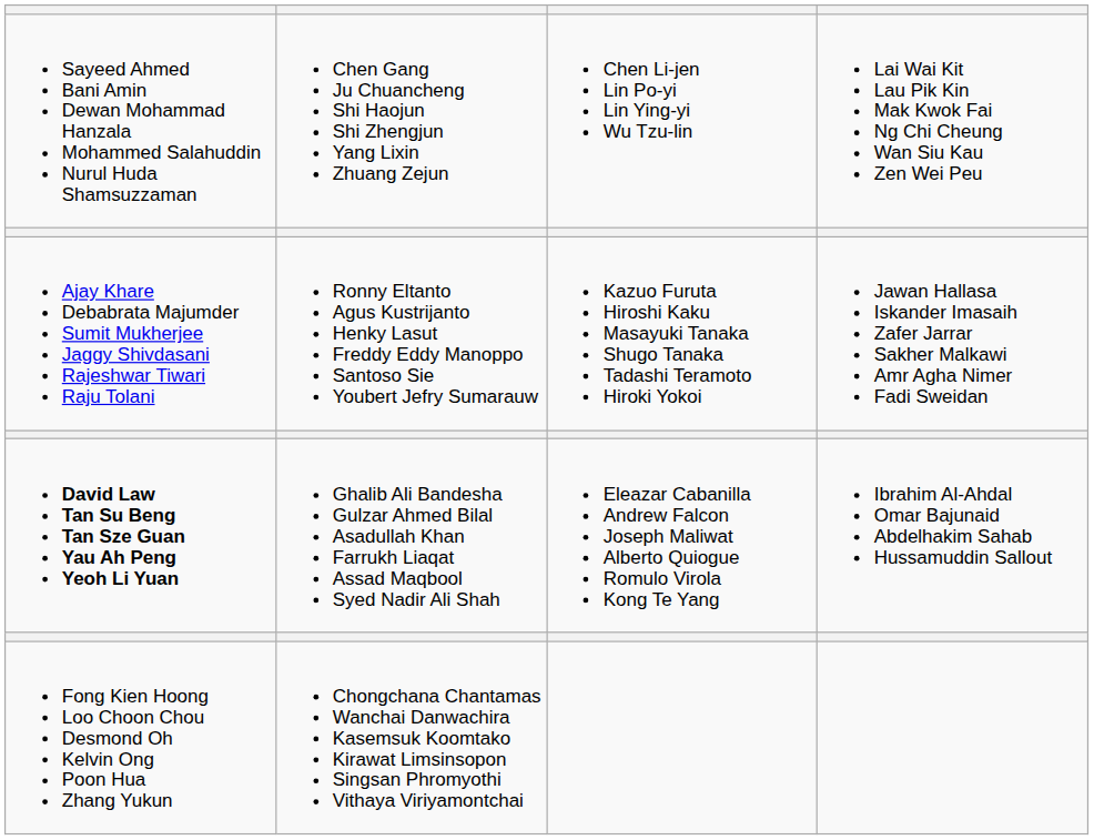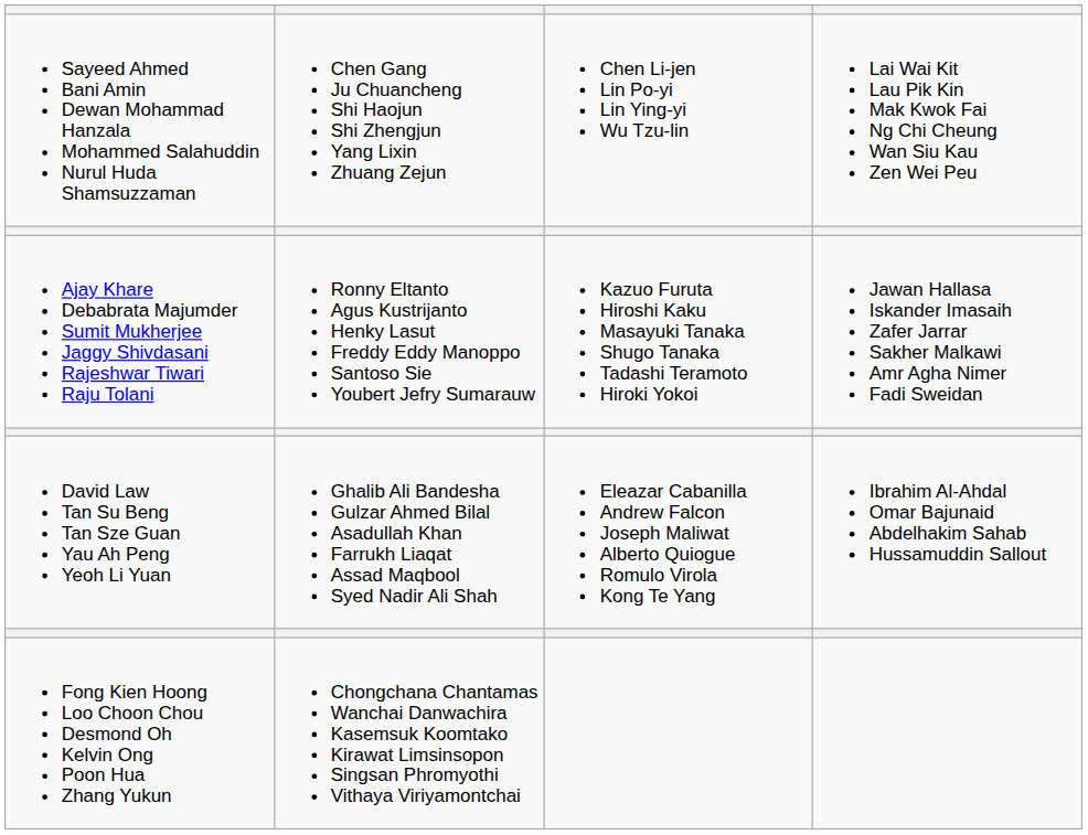 <table class="wikitable" style="font-size:90%">
 <tr>
 <th width=200></th>
 <th width=200></th>
 <th width=200></th>
 <th width=200></th>
 </tr>
 <tr>
 <td valign=top><br><ul><li>Sayeed Ahmed</li><li>Bani Amin</li><li>Dewan Mohammad Hanzala</li><li>Mohammed Salahuddin</li><li>Nurul Huda Shamsuzzaman</li></ul></td>
 <td valign=top><br><ul><li>Chen Gang</li><li>Ju Chuancheng</li><li>Shi Haojun</li><li>Shi Zhengjun</li><li>Yang Lixin</li><li>Zhuang Zejun</li></ul></td>
 <td valign=top><br><ul><li>Chen Li-jen</li><li>Lin Po-yi</li><li>Lin Ying-yi</li><li>Wu Tzu-lin</li></ul></td>
 <td valign=top><br><ul><li>Lai Wai Kit</li><li>Lau Pik Kin</li><li>Mak Kwok Fai</li><li>Ng Chi Cheung</li><li>Wan Siu Kau</li><li>Zen Wei Peu</li></ul></td>
 </tr>
 <tr>
 <th></th>
 <th></th>
 <th></th>
 <th></th>
 </tr>
 <tr>
 <td valign=top><br><ul><li><a href='#'>Ajay Khare</a></li><li>Debabrata Majumder</li><li><a href='#'>Sumit Mukherjee</a></li><li><a href='#'>Jaggy Shivdasani</a></li><li><a href='#'>Rajeshwar Tiwari</a></li><li><a href='#'>Raju Tolani</a></li></ul></td>
 <td valign=top><br><ul><li>Ronny Eltanto</li><li>Agus Kustrijanto</li><li>Henky Lasut</li><li>Freddy Eddy Manoppo</li><li>Santoso Sie</li><li>Youbert Jefry Sumarauw</li></ul></td>
 <td valign=top><br><ul><li>Kazuo Furuta</li><li>Hiroshi Kaku</li><li>Masayuki Tanaka</li><li>Shugo Tanaka</li><li>Tadashi Teramoto</li><li>Hiroki Yokoi</li></ul></td>
 <td valign=top><br><ul><li>Jawan Hallasa</li><li>Iskander Imasaih</li><li>Zafer Jarrar</li><li>Sakher Malkawi</li><li>Amr Agha Nimer</li><li>Fadi Sweidan</li></ul></td>
 </tr>
 <tr>
 <th></th>
 <th></th>
 <th></th>
 <th></th>
 </tr>
 <tr>
-<td valign=top><strong><br><ul><li>David Law</li><li>Tan Su Beng</li><li>Tan Sze Guan</li><li>Yau Ah Peng</li><li>Yeoh Li Yuan</li></ul></strong></td>
+<td valign=top><br><ul><li>David Law</li><li>Tan Su Beng</li><li>Tan Sze Guan</li><li>Yau Ah Peng</li><li>Yeoh Li Yuan</li></ul></td>
 <td valign=top><br><ul><li>Ghalib Ali Bandesha</li><li>Gulzar Ahmed Bilal</li><li>Asadullah Khan</li><li>Farrukh Liaqat</li><li>Assad Maqbool</li><li>Syed Nadir Ali Shah</li></ul></td>
 <td valign=top><br><ul><li>Eleazar Cabanilla</li><li>Andrew Falcon</li><li>Joseph Maliwat</li><li>Alberto Quiogue</li><li>Romulo Virola</li><li>Kong Te Yang</li></ul></td>
 <td valign=top><br><ul><li>Ibrahim Al-Ahdal</li><li>Omar Bajunaid</li><li>Abdelhakim Sahab</li><li>Hussamuddin Sallout</li></ul></td>
 </tr>
 <tr>
 <th></th>
 <th></th>
 <th></th>
 <th></th>
 </tr>
 <tr>
 <td valign=top><br><ul><li>Fong Kien Hoong</li><li>Loo Choon Chou</li><li>Desmond Oh</li><li>Kelvin Ong</li><li>Poon Hua</li><li>Zhang Yukun</li></ul></td>
 <td valign=top><br><ul><li>Chongchana Chantamas</li><li>Wanchai Danwachira</li><li>Kasemsuk Koomtako</li><li>Kirawat Limsinsopon</li><li>Singsan Phromyothi</li><li>Vithaya Viriyamontchai</li></ul></td>
 <td valign=top></td>
 <td valign=top></td>
 </tr>
 </table>
